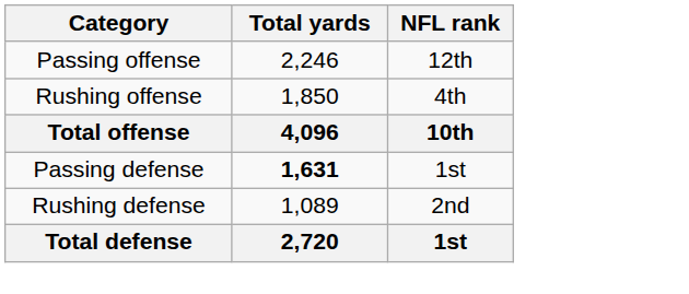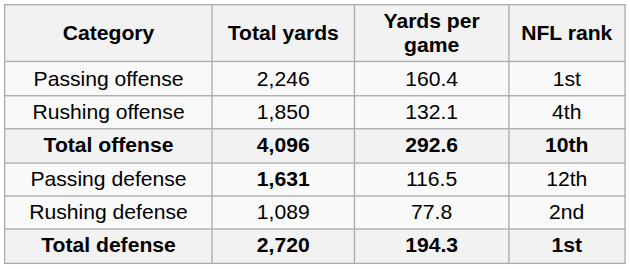 <table class="wikitable" style="text-align:center">
 <tr>
 <th width="150">Category</th>
 <th width="100">Total yards</th>
+<th width="110">Yards per game</th>
 <th width="80">NFL rank<br></th>
 </tr>
 <tr>
 <td>Passing offense</td>
 <td>2,246</td>
-<td>12th</td>
+<td>160.4</td>
+<td>1st</td>
 </tr>
 <tr>
 <td>Rushing offense</td>
 <td>1,850</td>
+<td>132.1</td>
 <td>4th</td>
 </tr>
 <tr>
 <th>Total offense</th>
 <th>4,096</th>
+<th>292.6</th>
 <th>10th</th>
 </tr>
 <tr>
 <td>Passing defense</td>
 <td><strong>1,631</strong></td>
-<td>1st</td>
+<td>116.5</td>
+<td>12th</td>
 </tr>
 <tr>
 <td>Rushing defense</td>
 <td>1,089</td>
+<td>77.8</td>
 <td>2nd</td>
 </tr>
 <tr>
 <th>Total defense</th>
 <th>2,720</th>
+<th>194.3</th>
 <th>1st</th>
 </tr>
 </table>
